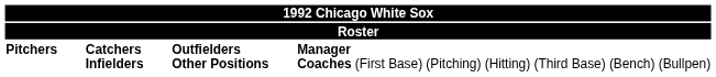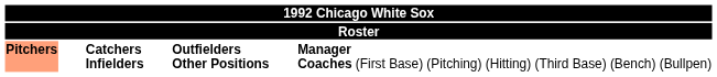 <table class="toccolours" style="font-size: 95%;">
 <tr>
 <th colspan="10" style="background-color: black; color: #FFFFFF; text-align: center;">1992 Chicago White Sox</th>
 </tr>
 <tr>
 <td colspan="10" style="background-color:black; color: white; text-align: center;"><strong>Roster</strong></td>
 </tr>
 <tr>
-<td valign="top"><strong>Pitchers</strong><br>            </td>
+<td valign="top" style="background: lightsalmon;"><strong>Pitchers</strong><br>            </td>
 <td width="25px"></td>
 <td valign="top"><strong>Catchers</strong><br>    <strong>Infielders</strong>         </td>
 <td width="25px"></td>
 <td valign="top"><strong>Outfielders</strong><br>        <strong>Other Positions</strong> </td>
 <td width="25px"></td>
 <td valign="top"><strong>Manager</strong><br> <strong>Coaches</strong>  (First Base)  (Pitching)  (Hitting)  (Third Base)  (Bench)  (Bullpen)</td>
 </tr>
 </table>
